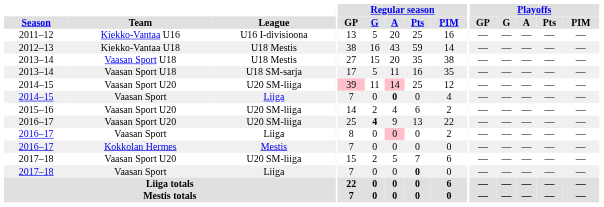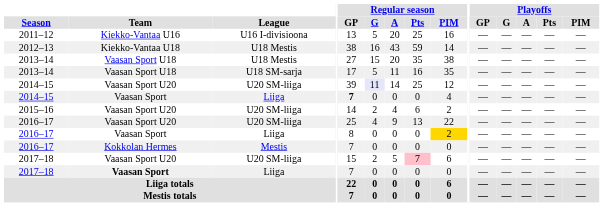 <table border="0" cellpadding="1" cellspacing="0" style="text-align:center; width:60em">
 <tr bgcolor="#e0e0e0">
 <th colspan="3" bgcolor="#ffffff"></th>
 <th rowspan="99" bgcolor="#ffffff"></th>
 <th colspan="5"><a href='#'>Regular season</a></th>
 <th rowspan="99" bgcolor="#ffffff"></th>
 <th colspan="5"><a href='#'>Playoffs</a></th>
 </tr>
 <tr bgcolor="#e0e0e0">
 <th><a href='#'>Season</a></th>
 <th>Team</th>
 <th>League</th>
 <th>GP</th>
 <th><a href='#'>G</a></th>
 <th><a href='#'>A</a></th>
 <th><a href='#'>Pts</a></th>
 <th><a href='#'>PIM</a></th>
 <th>GP</th>
 <th>G</th>
 <th>A</th>
 <th>Pts</th>
 <th>PIM</th>
 </tr>
 <tr>
 <td>2011–12</td>
 <td><a href='#'>Kiekko-Vantaa</a> U16</td>
 <td>U16 I-divisioona</td>
 <td>13</td>
 <td>5</td>
 <td>20</td>
 <td>25</td>
 <td>16</td>
 <td>—</td>
 <td>—</td>
 <td>—</td>
 <td>—</td>
 <td>—</td>
 </tr>
 <tr bgcolor="#f0f0f0">
 <td>2012–13</td>
 <td>Kiekko-Vantaa U18</td>
 <td>U18 Mestis</td>
 <td>38</td>
 <td>16</td>
 <td>43</td>
 <td>59</td>
 <td>14</td>
 <td>—</td>
 <td>—</td>
 <td>—</td>
 <td>—</td>
 <td>—</td>
 </tr>
 <tr>
 <td>2013–14</td>
 <td><a href='#'>Vaasan Sport</a> U18</td>
 <td>U18 Mestis</td>
 <td>27</td>
 <td>15</td>
 <td>20</td>
 <td>35</td>
 <td>38</td>
 <td>—</td>
 <td>—</td>
 <td>—</td>
 <td>—</td>
 <td>—</td>
 </tr>
 <tr bgcolor="#f0f0f0">
 <td>2013–14</td>
 <td>Vaasan Sport U18</td>
 <td>U18 SM-sarja</td>
 <td>17</td>
 <td>5</td>
 <td>11</td>
 <td>16</td>
 <td>35</td>
 <td>—</td>
 <td>—</td>
 <td>—</td>
 <td>—</td>
 <td>—</td>
 </tr>
 <tr>
 <td>2014–15</td>
 <td>Vaasan Sport U20</td>
 <td>U20 SM-liiga</td>
-<td style="background: pink;">39</td>
-<td>11</td>
-<td style="background: pink;">14</td>
+<td>39</td>
+<td style="background: lavender;">11</td>
+<td>14</td>
 <td>25</td>
 <td>12</td>
 <td>—</td>
 <td>—</td>
 <td>—</td>
 <td>—</td>
 <td>—</td>
 </tr>
 <tr bgcolor="#f0f0f0">
 <td><a href='#'>2014–15</a></td>
 <td>Vaasan Sport</td>
 <td><a href='#'>Liiga</a></td>
-<td>7</td>
+<td><strong>7</strong></td>
 <td>0</td>
-<td><strong>0</strong></td>
+<td>0</td>
 <td>0</td>
 <td>4</td>
 <td>—</td>
 <td>—</td>
 <td>—</td>
 <td>—</td>
 <td>—</td>
 </tr>
 <tr>
 <td>2015–16</td>
 <td>Vaasan Sport U20</td>
 <td>U20 SM-liiga</td>
 <td>14</td>
 <td>2</td>
 <td>4</td>
 <td>6</td>
 <td>2</td>
 <td>—</td>
 <td>—</td>
 <td>—</td>
 <td>—</td>
 <td>—</td>
 </tr>
 <tr bgcolor="#f0f0f0">
 <td>2016–17</td>
 <td>Vaasan Sport U20</td>
 <td>U20 SM-liiga</td>
 <td>25</td>
-<td><strong>4</strong></td>
+<td>4</td>
 <td>9</td>
 <td>13</td>
 <td>22</td>
 <td>—</td>
 <td>—</td>
 <td>—</td>
 <td>—</td>
 <td>—</td>
 </tr>
 <tr>
 <td><a href='#'>2016–17</a></td>
 <td>Vaasan Sport</td>
 <td>Liiga</td>
 <td>8</td>
 <td>0</td>
-<td style="background: pink;">0</td>
 <td>0</td>
-<td>2</td>
+<td>0</td>
+<td style="background: gold;">2</td>
 <td>—</td>
 <td>—</td>
 <td>—</td>
 <td>—</td>
 <td>—</td>
 </tr>
 <tr bgcolor="#f0f0f0">
 <td><a href='#'>2016–17</a></td>
 <td><a href='#'>Kokkolan Hermes</a></td>
 <td><a href='#'>Mestis</a></td>
 <td>7</td>
 <td>0</td>
 <td>0</td>
 <td>0</td>
 <td>0</td>
 <td>—</td>
 <td>—</td>
 <td>—</td>
 <td>—</td>
 <td>—</td>
 </tr>
 <tr>
 <td>2017–18</td>
 <td>Vaasan Sport U20</td>
 <td>U20 SM-liiga</td>
 <td>15</td>
 <td>2</td>
 <td>5</td>
-<td>7</td>
+<td style="background: pink;">7</td>
 <td>6</td>
 <td>—</td>
 <td>—</td>
 <td>—</td>
 <td>—</td>
 <td>—</td>
 </tr>
 <tr bgcolor="#f0f0f0">
 <td><a href='#'>2017–18</a></td>
-<td>Vaasan Sport</td>
+<td><strong>Vaasan Sport</strong></td>
 <td>Liiga</td>
 <td>7</td>
 <td>0</td>
 <td>0</td>
-<td><strong>0</strong></td>
+<td>0</td>
 <td>0</td>
 <td>—</td>
 <td>—</td>
 <td>—</td>
 <td>—</td>
 <td>—</td>
 </tr>
 <tr>
 </tr>
 <tr ALIGN="center" bgcolor="#e0e0e0">
 <th colspan="3">Liiga totals</th>
 <th ALIGN="center">22</th>
 <th ALIGN="center">0</th>
 <th ALIGN="center">0</th>
 <th ALIGN="center">0</th>
 <th ALIGN="center">6</th>
 <th ALIGN="center">—</th>
 <th ALIGN="center">—</th>
 <th ALIGN="center">—</th>
 <th ALIGN="center">—</th>
 <th ALIGN="center">—</th>
 </tr>
 <tr>
 </tr>
 <tr ALIGN="center" bgcolor="#e0e0e0">
 <th colspan="3">Mestis totals</th>
 <th ALIGN="center">7</th>
 <th ALIGN="center">0</th>
 <th ALIGN="center">0</th>
 <th ALIGN="center">0</th>
 <th ALIGN="center">0</th>
 <th ALIGN="center">—</th>
 <th ALIGN="center">—</th>
 <th ALIGN="center">—</th>
 <th ALIGN="center">—</th>
 <th ALIGN="center">—</th>
 </tr>
 </table>
